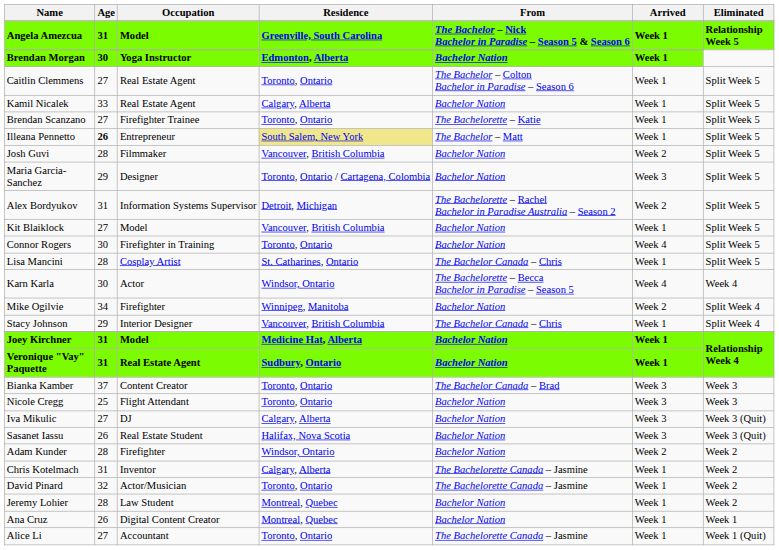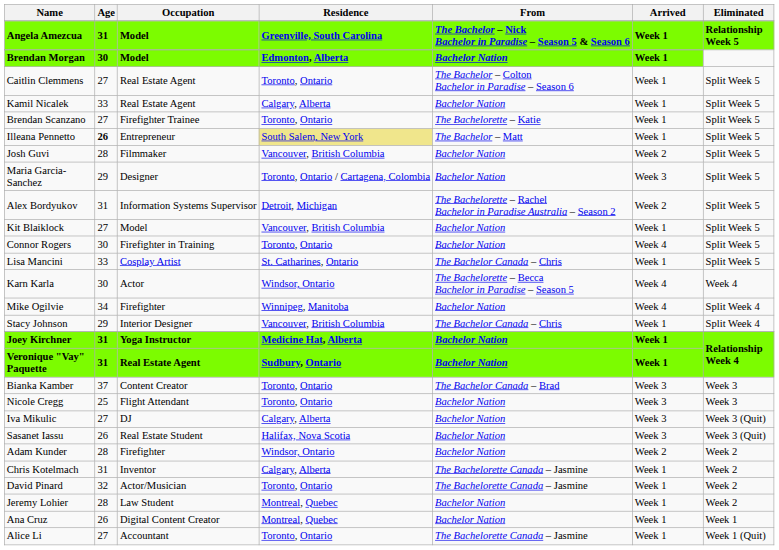 <table class="wikitable sortable" style="text-align:left;">
 <tr>
 <th width=130>Name</th>
 <th width=5>Age</th>
 <th>Occupation</th>
 <th>Residence</th>
 <th>From</th>
 <th width=100>Arrived</th>
 <th width=100>Eliminated</th>
 </tr>
 <tr>
 </tr>
 <tr bgcolor="#7CFC00">
 <td><strong>Angela Amezcua</strong></td>
 <td><strong>31</strong></td>
 <td><strong>Model</strong></td>
 <td><strong><a href='#'>Greenville, South Carolina</a></strong></td>
 <td><strong><a href='#'><em>The Bachelor</em></a> – <a href='#'>Nick</a><br><a href='#'><em>Bachelor in Paradise</em></a> – <a href='#'>Season 5</a> & <a href='#'>Season 6</a></strong></td>
 <td><strong>Week 1</strong></td>
 <td rowspan="2"><strong>Relationship Week 5</strong></td>
 </tr>
 <tr>
 </tr>
 <tr bgcolor="#7CFC00">
 <td><strong>Brendan Morgan</strong></td>
 <td><strong>30</strong></td>
-<td><strong>Yoga Instructor</strong></td>
+<td><strong>Model</strong></td>
 <td><strong><a href='#'>Edmonton</a>, <a href='#'>Alberta</a></strong></td>
 <td><strong><em><a href='#'>Bachelor Nation</a></em></strong></td>
 <td><strong>Week 1</strong></td>
 </tr>
 <tr>
 <td>Caitlin Clemmens</td>
 <td>27</td>
 <td>Real Estate Agent</td>
 <td><a href='#'>Toronto</a>, <a href='#'>Ontario</a></td>
 <td><a href='#'><em>The Bachelor</em></a> – <a href='#'>Colton</a><br><a href='#'><em>Bachelor in Paradise</em></a> –  <a href='#'>Season 6</a></td>
 <td>Week 1</td>
 <td>Split Week 5</td>
 </tr>
 <tr>
 <td>Kamil Nicalek</td>
 <td>33</td>
 <td>Real Estate Agent</td>
 <td><a href='#'>Calgary</a>, <a href='#'>Alberta</a></td>
 <td><em><a href='#'>Bachelor Nation</a></em></td>
 <td>Week 1</td>
 <td>Split Week 5</td>
 </tr>
 <tr>
 <td>Brendan Scanzano</td>
 <td>27</td>
 <td>Firefighter Trainee</td>
 <td><a href='#'>Toronto</a>, <a href='#'>Ontario</a></td>
 <td><a href='#'><em>The Bachelorette</em></a> – <a href='#'>Katie</a></td>
 <td>Week 1</td>
 <td>Split Week 5</td>
 </tr>
 <tr>
 <td>Illeana Pennetto</td>
 <td><strong>26</strong></td>
 <td>Entrepreneur</td>
 <td style="background: khaki;"><a href='#'>South Salem, New York</a></td>
 <td><a href='#'><em>The Bachelor</em></a> – <a href='#'>Matt</a></td>
 <td>Week 1</td>
 <td>Split Week 5</td>
 </tr>
 <tr>
 <td>Josh Guvi</td>
 <td>28</td>
 <td>Filmmaker</td>
 <td><a href='#'>Vancouver</a>, <a href='#'>British Columbia</a></td>
 <td><em><a href='#'>Bachelor Nation</a></em></td>
 <td>Week 2</td>
 <td>Split Week 5</td>
 </tr>
 <tr>
 <td>Maria Garcia-Sanchez</td>
 <td>29</td>
 <td>Designer</td>
 <td><a href='#'>Toronto</a>, <a href='#'>Ontario</a> / <a href='#'>Cartagena, Colombia</a></td>
 <td><em><a href='#'>Bachelor Nation</a></em></td>
 <td>Week 3</td>
 <td>Split Week 5</td>
 </tr>
 <tr>
 <td>Alex Bordyukov</td>
 <td>31</td>
 <td>Information Systems Supervisor</td>
 <td><a href='#'>Detroit</a>, <a href='#'>Michigan</a></td>
 <td><a href='#'><em>The Bachelorette</em></a> – <a href='#'>Rachel</a><br><em><a href='#'>Bachelor in Paradise Australia</a></em> – <a href='#'>Season 2</a></td>
 <td>Week 2</td>
 <td>Split Week 5</td>
 </tr>
 <tr>
 <td>Kit Blaiklock</td>
 <td>27</td>
 <td>Model</td>
 <td><a href='#'>Vancouver</a>, <a href='#'>British Columbia</a></td>
 <td><em><a href='#'>Bachelor Nation</a></em></td>
 <td>Week 1</td>
 <td>Split Week 5</td>
 </tr>
 <tr>
 <td>Connor Rogers</td>
 <td>30</td>
 <td>Firefighter in Training</td>
 <td><a href='#'>Toronto</a>, <a href='#'>Ontario</a></td>
 <td><em><a href='#'>Bachelor Nation</a></em></td>
 <td>Week 4</td>
 <td>Split Week 5</td>
 </tr>
 <tr>
 <td>Lisa Mancini</td>
-<td>28</td>
+<td>33</td>
 <td><a href='#'>Cosplay Artist</a></td>
 <td><a href='#'>St. Catharines</a>, <a href='#'>Ontario</a></td>
 <td><a href='#'><em>The Bachelor Canada</em></a> – <a href='#'>Chris</a></td>
 <td>Week 1</td>
 <td>Split Week 5</td>
 </tr>
 <tr>
 <td>Karn Karla</td>
 <td>30</td>
 <td>Actor</td>
 <td><a href='#'>Windsor, Ontario</a></td>
 <td><a href='#'><em>The Bachelorette</em></a> – <a href='#'>Becca</a><br><a href='#'><em>Bachelor in Paradise</em></a> – <a href='#'>Season 5</a></td>
 <td>Week 4</td>
 <td>Week 4</td>
 </tr>
 <tr>
 <td>Mike Ogilvie</td>
 <td>34</td>
 <td>Firefighter</td>
 <td><a href='#'>Winnipeg</a>, <a href='#'>Manitoba</a></td>
 <td><em><a href='#'>Bachelor Nation</a></em></td>
-<td>Week 2</td>
+<td>Week 4</td>
 <td>Split Week 4</td>
 </tr>
 <tr>
 <td>Stacy Johnson</td>
 <td>29</td>
 <td>Interior Designer</td>
 <td><a href='#'>Vancouver</a>, <a href='#'>British Columbia</a></td>
 <td><a href='#'><em>The Bachelor Canada</em></a> – <a href='#'>Chris</a></td>
 <td>Week 1</td>
 <td>Split Week 4</td>
 </tr>
 <tr>
 </tr>
 <tr bgcolor="#7CFC00">
 <td><strong>Joey Kirchner</strong></td>
 <td><strong>31</strong></td>
-<td><strong>Model</strong></td>
+<td><strong>Yoga Instructor</strong></td>
 <td><strong><a href='#'>Medicine Hat</a>, <a href='#'>Alberta</a></strong></td>
 <td><strong><em><a href='#'>Bachelor Nation</a></em></strong></td>
 <td><strong>Week 1</strong></td>
 <td rowspan="2"><strong>Relationship Week 4</strong></td>
 </tr>
 <tr bgcolor="#7CFC00">
 <td><strong>Veronique "Vay" Paquette</strong></td>
 <td><strong>31</strong></td>
 <td><strong>Real Estate Agent</strong></td>
 <td><strong><a href='#'>Sudbury</a>, <a href='#'>Ontario</a></strong></td>
 <td><strong><em><a href='#'>Bachelor Nation</a></em></strong></td>
 <td><strong>Week 1</strong></td>
 </tr>
 <tr>
 <td>Bianka Kamber</td>
 <td>37</td>
 <td>Content Creator</td>
 <td><a href='#'>Toronto</a>, <a href='#'>Ontario</a></td>
 <td><a href='#'><em>The Bachelor Canada</em></a> – <a href='#'>Brad</a></td>
 <td>Week 3</td>
 <td>Week 3</td>
 </tr>
 <tr>
 <td>Nicole Cregg</td>
 <td>25</td>
 <td>Flight Attendant</td>
 <td><a href='#'>Toronto</a>, <a href='#'>Ontario</a></td>
 <td><em><a href='#'>Bachelor Nation</a></em></td>
 <td>Week 3</td>
 <td>Week 3</td>
 </tr>
 <tr>
 <td>Iva Mikulic</td>
 <td>27</td>
 <td>DJ</td>
 <td><a href='#'>Calgary</a>, <a href='#'>Alberta</a></td>
 <td><em><a href='#'>Bachelor Nation</a></em></td>
 <td>Week 3</td>
 <td>Week 3 (Quit)</td>
 </tr>
 <tr>
 <td>Sasanet Iassu</td>
 <td>26</td>
 <td>Real Estate Student</td>
 <td><a href='#'>Halifax, Nova Scotia</a></td>
 <td><em><a href='#'>Bachelor Nation</a></em></td>
 <td>Week 3</td>
 <td>Week 3 (Quit)</td>
 </tr>
 <tr>
 <td>Adam Kunder</td>
 <td>28</td>
 <td>Firefighter</td>
 <td><a href='#'>Windsor, Ontario</a></td>
 <td><em><a href='#'>Bachelor Nation</a></em></td>
 <td>Week 2</td>
 <td>Week 2</td>
 </tr>
 <tr>
 <td>Chris Kotelmach</td>
 <td>31</td>
 <td>Inventor</td>
 <td><a href='#'>Calgary</a>, <a href='#'>Alberta</a></td>
 <td><em><a href='#'>The Bachelorette Canada</a></em> – Jasmine</td>
 <td>Week 1</td>
 <td>Week 2</td>
 </tr>
 <tr>
 <td>David Pinard</td>
 <td>32</td>
 <td>Actor/Musician</td>
 <td><a href='#'>Toronto</a>, <a href='#'>Ontario</a></td>
 <td><em><a href='#'>The Bachelorette Canada</a></em> – Jasmine</td>
 <td>Week 1</td>
 <td>Week 2</td>
 </tr>
 <tr>
 <td>Jeremy Lohier</td>
 <td>28</td>
 <td>Law Student</td>
 <td><a href='#'>Montreal</a>, <a href='#'>Quebec</a></td>
 <td><em><a href='#'>Bachelor Nation</a></em></td>
 <td>Week 1</td>
 <td>Week 2</td>
 </tr>
 <tr>
 <td>Ana Cruz</td>
 <td>26</td>
 <td>Digital Content Creator</td>
 <td><a href='#'>Montreal</a>, <a href='#'>Quebec</a></td>
 <td><em><a href='#'>Bachelor Nation</a></em></td>
 <td>Week 1</td>
 <td>Week 1</td>
 </tr>
 <tr>
 <td>Alice Li</td>
 <td>27</td>
 <td>Accountant</td>
 <td><a href='#'>Toronto</a>, <a href='#'>Ontario</a></td>
 <td><em><a href='#'>The Bachelorette Canada</a></em> – Jasmine</td>
 <td>Week 1</td>
 <td>Week 1 (Quit)</td>
 </tr>
 </table>
